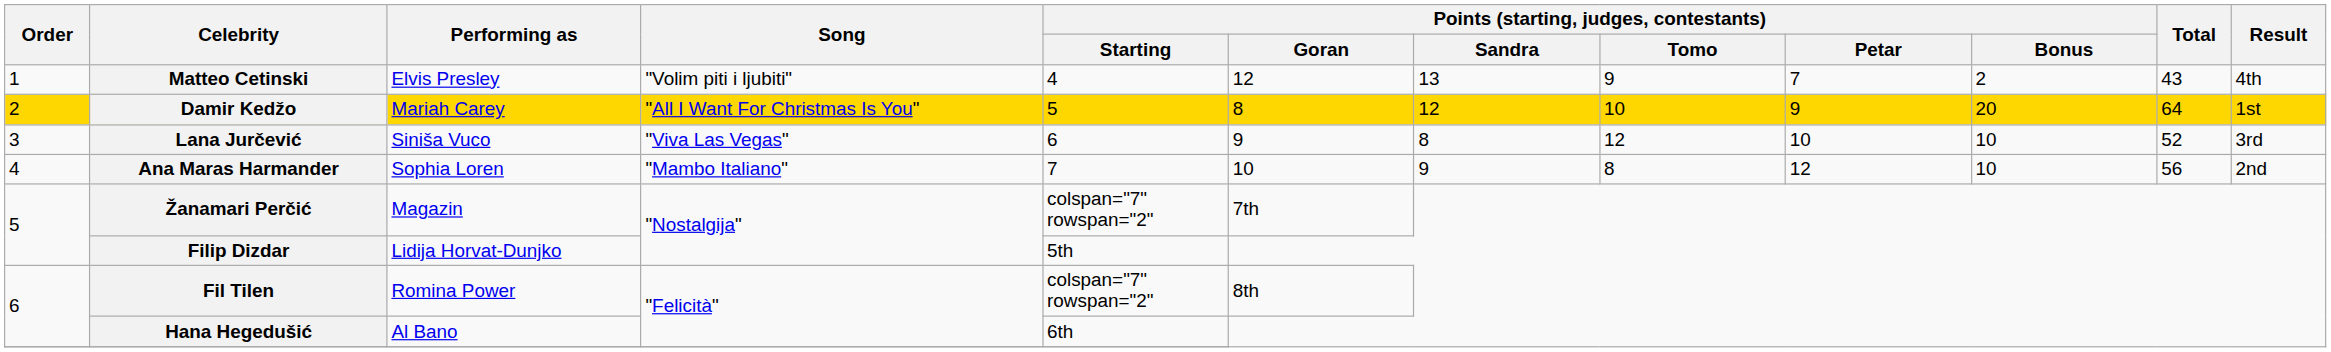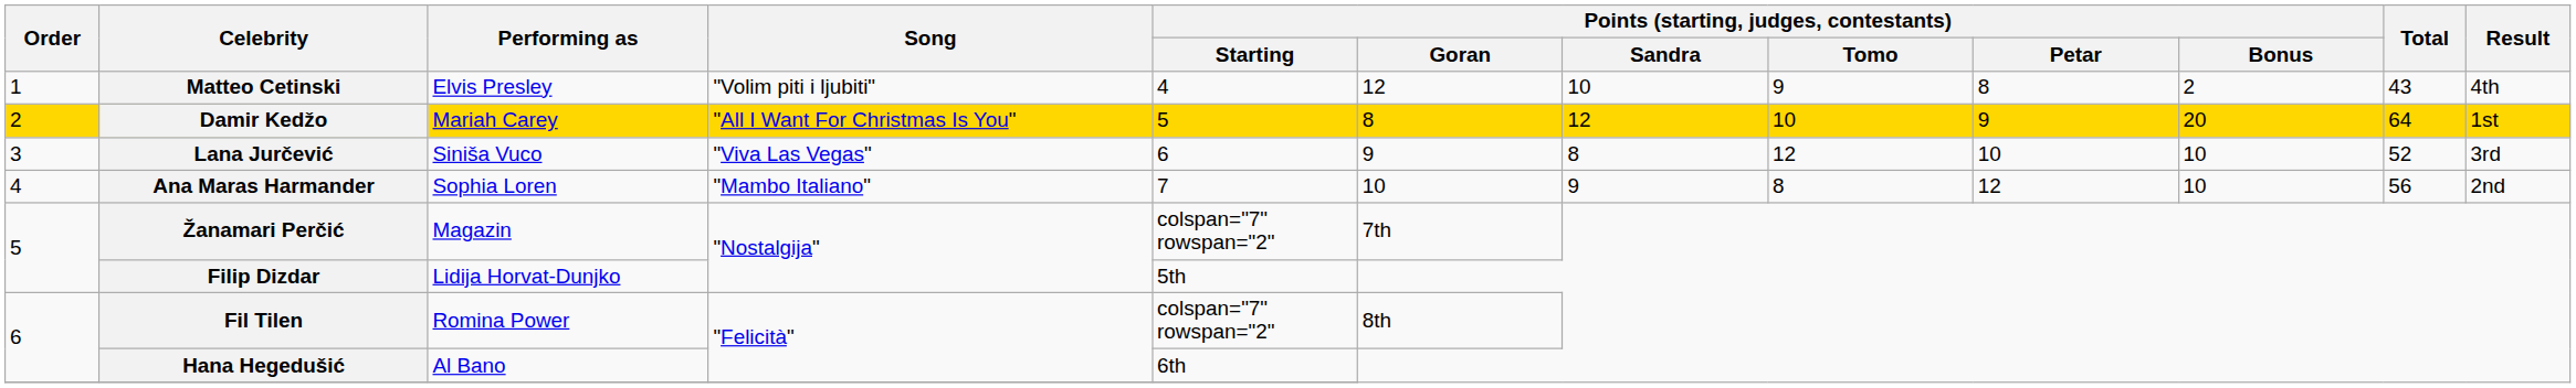 <table class=wikitable>
 <tr>
 <th rowspan="2">Order</th>
 <th rowspan="2">Celebrity</th>
 <th rowspan="2">Performing as</th>
 <th rowspan="2">Song</th>
 <th colspan="6" style="width:50%;">Points (starting, judges, contestants)</th>
 <th rowspan="2">Total</th>
 <th rowspan="2">Result</th>
 </tr>
 <tr>
 <th style="width:8%;">Starting</th>
 <th style="width:8%;">Goran</th>
 <th style="width:8%;">Sandra</th>
 <th style="width:8%;">Tomo</th>
 <th style="width:8%;">Petar</th>
 <th style="width:8%;">Bonus</th>
 </tr>
 <tr>
 <td>1</td>
 <th scope="row">Matteo Cetinski</th>
 <td><a href='#'>Elvis Presley</a></td>
 <td>"Volim piti i ljubiti"</td>
 <td>4</td>
 <td>12</td>
-<td>13</td>
+<td>10</td>
 <td>9</td>
-<td>7</td>
+<td>8</td>
 <td>2</td>
 <td>43</td>
 <td>4th</td>
 </tr>
 <tr style="background:gold;">
 <td>2</td>
 <th scope="row">Damir Kedžo</th>
 <td><a href='#'>Mariah Carey</a></td>
 <td>"<a href='#'>All I Want For Christmas Is You</a>"</td>
 <td>5</td>
 <td>8</td>
 <td>12</td>
 <td>10</td>
 <td>9</td>
 <td>20</td>
 <td>64</td>
 <td>1st</td>
 </tr>
 <tr>
 <td>3</td>
 <th scope="row">Lana Jurčević</th>
 <td><a href='#'>Siniša Vuco</a></td>
 <td>"<a href='#'>Viva Las Vegas</a>"</td>
 <td>6</td>
 <td>9</td>
 <td>8</td>
 <td>12</td>
 <td>10</td>
 <td>10</td>
 <td>52</td>
 <td>3rd</td>
 </tr>
 <tr>
 <td>4</td>
 <th scope="row">Ana Maras Harmander</th>
 <td><a href='#'>Sophia Loren</a></td>
 <td>"<a href='#'>Mambo Italiano</a>"</td>
 <td>7</td>
 <td>10</td>
 <td>9</td>
 <td>8</td>
 <td>12</td>
 <td>10</td>
 <td>56</td>
 <td>2nd</td>
 </tr>
 <tr>
 <td rowspan="2">5</td>
 <th scope="row">Žanamari Perčić</th>
 <td><a href='#'>Magazin</a></td>
 <td rowspan="2">"<a href='#'>Nostalgija</a>"</td>
 <td>colspan="7" rowspan="2" </td>
 <td>7th</td>
 </tr>
 <tr>
 <th scope="row">Filip Dizdar</th>
 <td><a href='#'>Lidija Horvat-Dunjko</a></td>
 <td>5th</td>
 </tr>
 <tr>
 <td rowspan="2">6</td>
 <th scope="row">Fil Tilen</th>
 <td><a href='#'>Romina Power</a></td>
 <td colspan="1" rowspan="2">"<a href='#'>Felicità</a>"</td>
 <td>colspan="7" rowspan="2" </td>
 <td>8th</td>
 </tr>
 <tr>
 <th scope="row">Hana Hegedušić</th>
 <td><a href='#'>Al Bano</a></td>
 <td>6th</td>
 </tr>
 <tr>
 </tr>
 </table>
